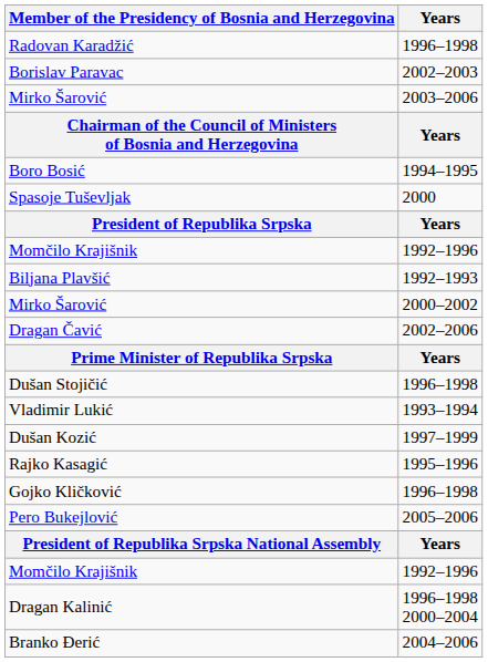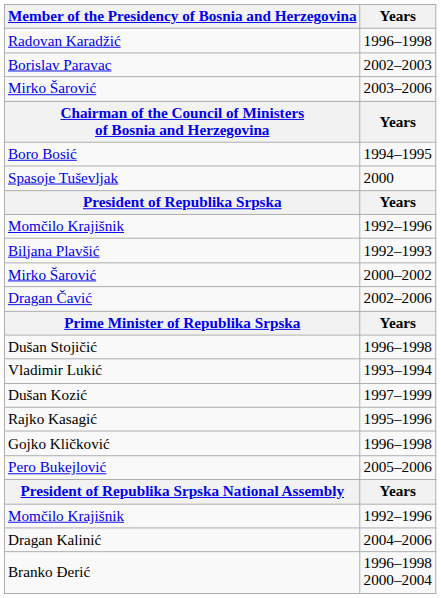 <table class=wikitable>
 <tr>
 <th><a href='#'>Member of the Presidency of Bosnia and Herzegovina</a></th>
 <th>Years</th>
 </tr>
 <tr>
 <td><a href='#'>Radovan Karadžić</a></td>
 <td>1996–1998</td>
 </tr>
 <tr>
 <td><a href='#'>Borislav Paravac</a></td>
 <td>2002–2003</td>
 </tr>
 <tr>
 <td><a href='#'>Mirko Šarović</a></td>
 <td>2003–2006</td>
 </tr>
 <tr>
 <th><a href='#'>Chairman of the Council of Ministers<br>of Bosnia and Herzegovina</a></th>
 <th>Years</th>
 </tr>
 <tr>
 <td><a href='#'>Boro Bosić</a></td>
 <td>1994–1995</td>
 </tr>
 <tr>
 <td><a href='#'>Spasoje Tuševljak</a></td>
 <td>2000</td>
 </tr>
 <tr>
 <th><a href='#'>President of Republika Srpska</a></th>
 <th>Years</th>
 </tr>
 <tr>
 <td><a href='#'>Momčilo Krajišnik</a></td>
 <td>1992–1996</td>
 </tr>
 <tr>
 <td><a href='#'>Biljana Plavšić</a></td>
 <td>1992–1993</td>
 </tr>
 <tr>
 <td><a href='#'>Mirko Šarović</a></td>
 <td>2000–2002</td>
 </tr>
 <tr>
 <td><a href='#'>Dragan Čavić</a></td>
 <td>2002–2006</td>
 </tr>
 <tr>
 <th><a href='#'>Prime Minister of Republika Srpska</a></th>
 <th>Years</th>
 </tr>
 <tr>
 <td>Dušan Stojičić</td>
 <td>1996–1998</td>
 </tr>
 <tr>
 <td>Vladimir Lukić</td>
 <td>1993–1994</td>
 </tr>
 <tr>
 <td>Dušan Kozić</td>
 <td>1997–1999</td>
 </tr>
 <tr>
 <td>Rajko Kasagić</td>
 <td>1995–1996</td>
 </tr>
 <tr>
 <td>Gojko Kličković</td>
 <td>1996–1998</td>
 </tr>
 <tr>
 <td><a href='#'>Pero Bukejlović</a></td>
 <td>2005–2006</td>
 </tr>
 <tr>
 <th><a href='#'>President of Republika Srpska National Assembly</a></th>
 <th>Years</th>
 </tr>
 <tr>
 <td><a href='#'>Momčilo Krajišnik</a></td>
 <td>1992–1996</td>
 </tr>
 <tr>
 <td>Dragan Kalinić</td>
-<td>1996–1998<br>2000–2004</td>
+<td>2004–2006</td>
 </tr>
 <tr>
 <td>Branko Đerić</td>
-<td>2004–2006</td>
+<td>1996–1998<br>2000–2004</td>
 </tr>
 </table>
